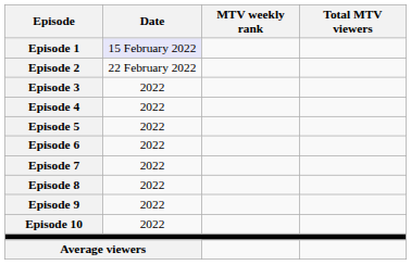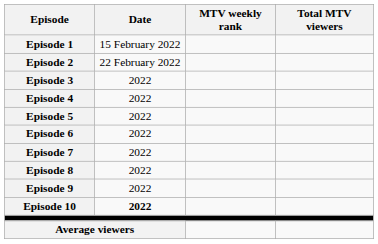 <table class="wikitable sortable" style="text-align:center">
 <tr>
 <th scope="col" style="width:120px;">Episode</th>
 <th scope="col" style="width:120px;">Date</th>
 <th scope="col" style="width:120px;">MTV weekly rank</th>
 <th scope="col" style="width:130px;">Total MTV viewers</th>
 </tr>
 <tr>
 <th scope="row">Episode 1</th>
-<td style="background: lavender;">15 February 2022</td>
+<td>15 February 2022</td>
 <td></td>
 <td></td>
 </tr>
 <tr>
 <th scope="row">Episode 2</th>
 <td>22 February 2022</td>
 <td></td>
 <td></td>
 </tr>
 <tr>
 <th scope="row">Episode 3</th>
 <td>2022</td>
 <td></td>
 <td></td>
 </tr>
 <tr>
 <th scope="row">Episode 4</th>
 <td>2022</td>
 <td></td>
 <td></td>
 </tr>
 <tr>
 <th scope="row">Episode 5</th>
 <td>2022</td>
 <td></td>
 <td></td>
 </tr>
 <tr>
 <th scope="row">Episode 6</th>
 <td>2022</td>
 <td></td>
 <td></td>
 </tr>
 <tr>
 <th scope="row">Episode 7</th>
 <td>2022</td>
 <td></td>
 <td></td>
 </tr>
 <tr>
 <th scope="row">Episode 8</th>
 <td>2022</td>
 <td></td>
 <td></td>
 </tr>
 <tr>
 <th scope="row">Episode 9</th>
 <td>2022</td>
 <td></td>
 <td></td>
 </tr>
 <tr>
 <th scope="row">Episode 10</th>
-<td>2022</td>
+<td><strong>2022</strong></td>
 <td></td>
 <td></td>
 </tr>
 <tr>
 <th style="background:#000;" colspan="6"></th>
 </tr>
 <tr>
 <th colspan="2"><strong>Average viewers</strong></th>
 <td></td>
 <td></td>
 </tr>
 </table>
